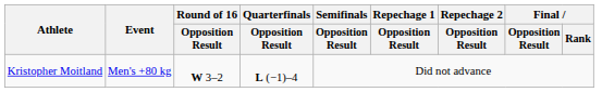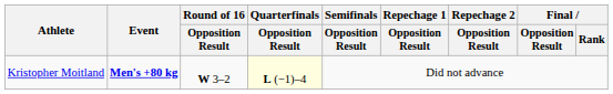 <table class="wikitable" style="font-size:90%;">
 <tr>
 <th rowspan=2>Athlete</th>
 <th rowspan=2>Event</th>
 <th>Round of 16</th>
 <th>Quarterfinals</th>
 <th>Semifinals</th>
 <th>Repechage 1</th>
 <th>Repechage 2</th>
 <th colspan=2>Final / </th>
 </tr>
 <tr style="font-size:95%">
 <th>Opposition<br>Result</th>
 <th>Opposition<br>Result</th>
 <th>Opposition<br>Result</th>
 <th>Opposition<br>Result</th>
 <th>Opposition<br>Result</th>
 <th>Opposition<br>Result</th>
 <th>Rank</th>
 </tr>
 <tr align=center>
 <td align=left><a href='#'>Kristopher Moitland</a></td>
-<td align=left><a href='#'>Men's +80 kg</a></td>
+<td align=left><strong><a href='#'>Men's +80 kg</a></strong></td>
 <td><br><strong>W</strong> 3–2</td>
-<td><br><strong>L</strong> (−1)–4</td>
+<td style="background: lightyellow;"><br><strong>L</strong> (−1)–4</td>
 <td colspan=5>Did not advance</td>
 </tr>
 </table>
